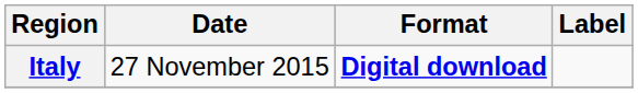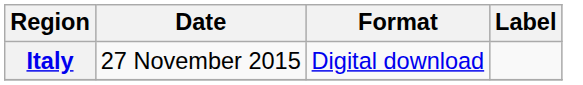 <table class="wikitable sortable plainrowheaders" style="text-align:center">
 <tr>
 <th>Region</th>
 <th>Date</th>
 <th>Format</th>
 <th>Label</th>
 </tr>
 <tr>
 <th scope="row"><a href='#'>Italy</a></th>
 <td>27 November 2015</td>
-<td><strong><a href='#'>Digital download</a></strong></td>
+<td><a href='#'>Digital download</a></td>
 <td></td>
 </tr>
 <tr>
 </tr>
 </table>
